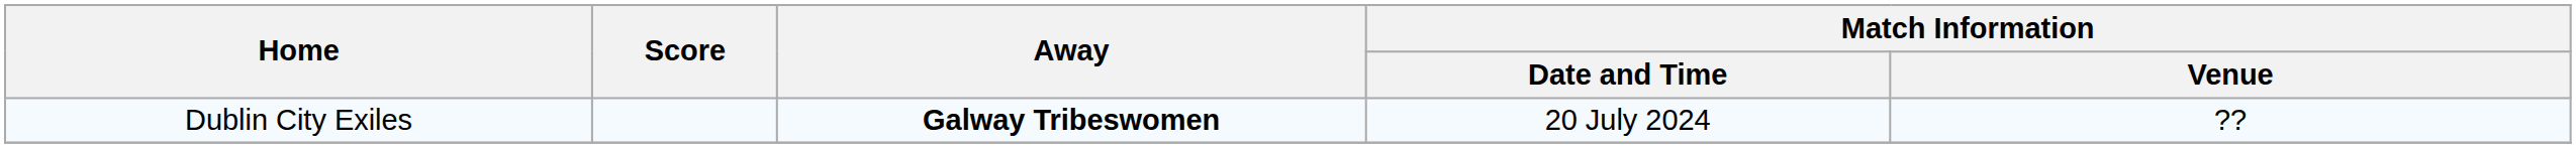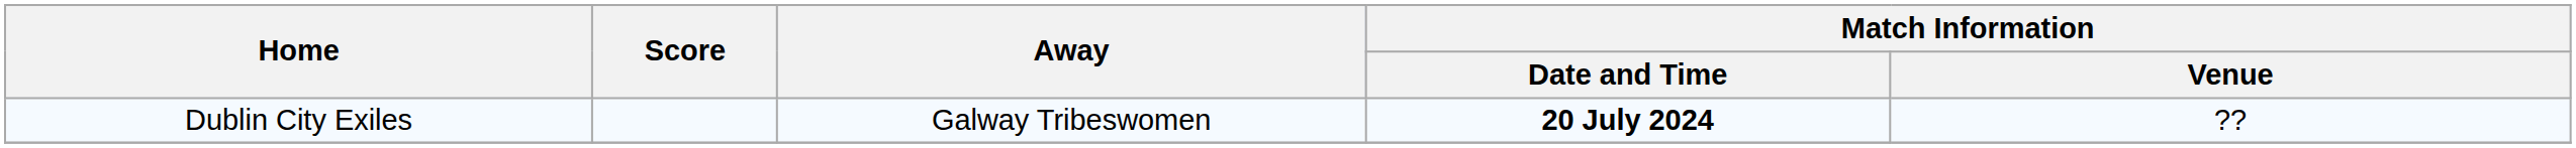 <table class="wikitable" border=1 style="border-collapse:collapse; font-size:90%; text-align:center;" cellpadding=3 cellspacing=0 width=100%>
 <tr style="background:#C1D8ff;">
 <th rowspan="2" width="19%">Home</th>
 <th rowspan="2" width="6%">Score</th>
 <th rowspan="2" width="19%">Away</th>
 <th colspan="4">Match Information</th>
 </tr>
 <tr style="background:#CCCCCC;">
 <th width="17%">Date and Time</th>
 <th width="22%">Venue</th>
 </tr>
 <tr bgcolor="#F5FAFF">
 <td>Dublin City Exiles</td>
 <td></td>
-<td><strong>Galway Tribeswomen</strong></td>
-<td>20 July 2024</td>
+<td>Galway Tribeswomen</td>
+<td><strong>20 July 2024</strong></td>
 <td>??</td>
 </tr>
 <tr bgcolor="#F5FAFF">
 </tr>
 </table>
